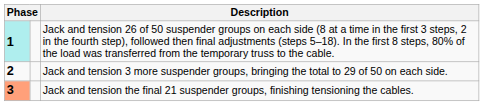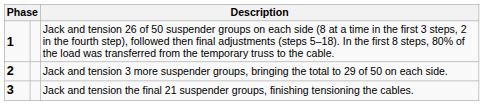 <table class="wikitable" width="720px" align="center">
 <tr>
 <th colspan="2">Phase</th>
 <th>Description</th>
 </tr>
 <tr>
-<td style="background: paleturquoise;"><big><strong>1</strong></big></td>
+<td><big><strong>1</strong></big></td>
 <td></td>
 <td>Jack and tension 26 of 50 suspender groups on each side (8 at a time in the first 3 steps, 2 in the fourth step), followed then final adjustments (steps 5–18). In the first 8 steps, 80% of the load was transferred from the temporary truss to the cable.</td>
 </tr>
 <tr>
 <td><big><strong>2</strong></big></td>
 <td></td>
 <td>Jack and tension 3 more suspender groups, bringing the total to 29 of 50 on each side.</td>
 </tr>
 <tr>
-<td style="background: lightsalmon;"><big><strong>3</strong></big></td>
+<td><big><strong>3</strong></big></td>
 <td></td>
 <td>Jack and tension the final 21 suspender groups, finishing tensioning the cables.</td>
 </tr>
 </table>
